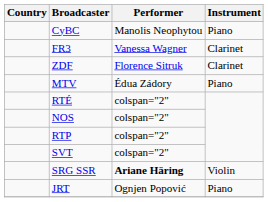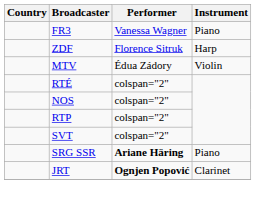 <table class="wikitable" style="text-align: left;">
 <tr>
 <th>Country</th>
 <th>Broadcaster</th>
 <th>Performer</th>
 <th>Instrument</th>
 </tr>
 <tr>
-<td> </td>
-<td><a href='#'>CyBC</a></td>
-<td>Manolis Neophytou</td>
-<td>Piano</td>
-</tr>
-<tr>
 <td></td>
 <td><a href='#'>FR3</a></td>
 <td><a href='#'>Vanessa Wagner</a></td>
-<td>Clarinet</td>
+<td>Piano</td>
 </tr>
 <tr>
 <td></td>
 <td><a href='#'>ZDF</a></td>
 <td><a href='#'>Florence Sitruk</a></td>
-<td>Clarinet</td>
+<td>Harp</td>
 </tr>
 <tr>
 <td></td>
 <td><a href='#'>MTV</a></td>
 <td>Édua Zádory</td>
-<td>Piano</td>
+<td>Violin</td>
 </tr>
 <tr>
 <td></td>
 <td><a href='#'>RTÉ</a></td>
 <td>colspan="2" </td>
 </tr>
 <tr>
 <td></td>
 <td><a href='#'>NOS</a></td>
 <td>colspan="2" </td>
 </tr>
 <tr>
 <td></td>
 <td><a href='#'>RTP</a></td>
 <td>colspan="2" </td>
 </tr>
 <tr>
 <td></td>
 <td><a href='#'>SVT</a></td>
 <td>colspan="2" </td>
 </tr>
 <tr>
 <td></td>
 <td><a href='#'>SRG SSR</a></td>
 <td><strong>Ariane Häring</strong></td>
-<td>Violin</td>
+<td>Piano</td>
 </tr>
 <tr>
 <td></td>
 <td><a href='#'>JRT</a></td>
-<td>Ognjen Popović</td>
-<td>Piano</td>
+<td><strong>Ognjen Popović</strong></td>
+<td>Clarinet</td>
 </tr>
 <tr>
 </tr>
 </table>
